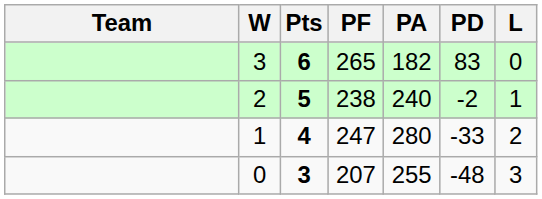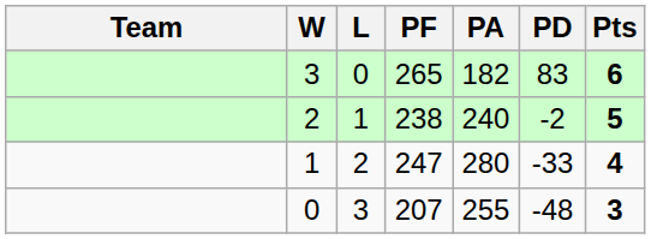 <table class="wikitable" style="text-align:center;">
 <tr>
 <th width=150>Team</th>
 <th width=20>W</th>
-<th width=20>Pts</th>
+<th width=20>L</th>
 <th width=30>PF</th>
 <th width=30>PA</th>
 <th width=30>PD</th>
-<th width=20>L</th>
+<th width=20>Pts</th>
 </tr>
 <tr bgcolor="#ccffcc">
 <td align="left"></td>
 <td>3</td>
-<td><strong>6</strong></td>
+<td>0</td>
 <td>265</td>
 <td>182</td>
 <td>83</td>
-<td>0</td>
+<td><strong>6</strong></td>
 </tr>
 <tr bgcolor="#ccffcc">
 <td align="left"></td>
 <td>2</td>
-<td><strong>5</strong></td>
+<td>1</td>
 <td>238</td>
 <td>240</td>
 <td>-2</td>
-<td>1</td>
+<td><strong>5</strong></td>
 </tr>
 <tr>
 <td align="left"></td>
 <td>1</td>
-<td><strong>4</strong></td>
+<td>2</td>
 <td>247</td>
 <td>280</td>
 <td>-33</td>
-<td>2</td>
+<td><strong>4</strong></td>
 </tr>
 <tr>
 <td align="left"></td>
 <td>0</td>
-<td><strong>3</strong></td>
+<td>3</td>
 <td>207</td>
 <td>255</td>
 <td>-48</td>
-<td>3</td>
+<td><strong>3</strong></td>
 </tr>
 </table>
